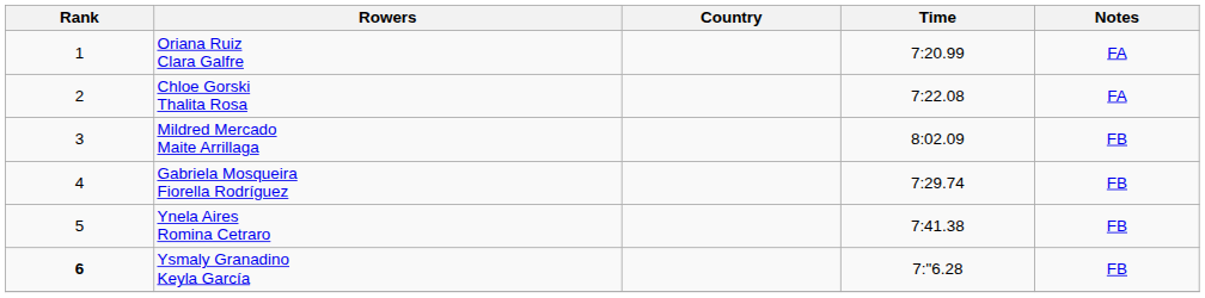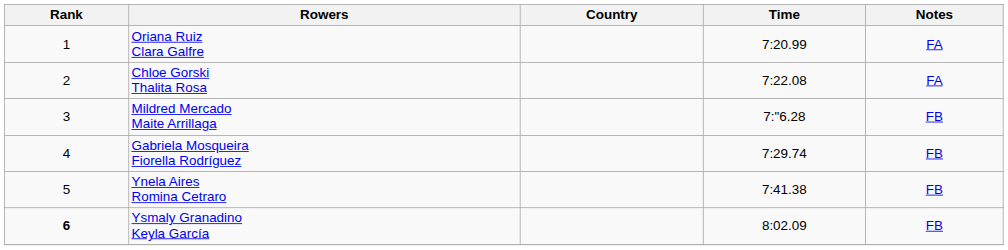 <table class="wikitable" width=60% style="text-align:center">
 <tr>
 <th>Rank</th>
 <th>Rowers</th>
 <th>Country</th>
 <th>Time</th>
 <th>Notes</th>
 </tr>
 <tr>
 <td>1</td>
 <td align=left><a href='#'>Oriana Ruiz</a><br><a href='#'>Clara Galfre</a></td>
 <td align=left></td>
 <td>7:20.99</td>
 <td><a href='#'>FA</a></td>
 </tr>
 <tr>
 <td>2</td>
 <td align=left><a href='#'>Chloe Gorski</a><br><a href='#'>Thalita Rosa</a></td>
 <td align=left></td>
 <td>7:22.08</td>
 <td><a href='#'>FA</a></td>
 </tr>
 <tr>
 <td>3</td>
 <td align=left><a href='#'>Mildred Mercado</a><br><a href='#'>Maite Arrillaga</a></td>
 <td align=left></td>
-<td>8:02.09</td>
+<td>7:"6.28</td>
 <td><a href='#'>FB</a></td>
 </tr>
 <tr>
 <td>4</td>
 <td align=left><a href='#'>Gabriela Mosqueira</a><br><a href='#'>Fiorella Rodríguez</a></td>
 <td align=left></td>
 <td>7:29.74</td>
 <td><a href='#'>FB</a></td>
 </tr>
 <tr>
 <td>5</td>
 <td align=left><a href='#'>Ynela Aires</a><br><a href='#'>Romina Cetraro</a></td>
 <td align=left></td>
 <td>7:41.38</td>
 <td><a href='#'>FB</a></td>
 </tr>
 <tr>
 <td><strong>6</strong></td>
 <td align=left><a href='#'>Ysmaly Granadino</a><br><a href='#'>Keyla García</a></td>
 <td align=left></td>
-<td>7:"6.28</td>
+<td>8:02.09</td>
 <td><a href='#'>FB</a></td>
 </tr>
 <tr>
 </tr>
 </table>
